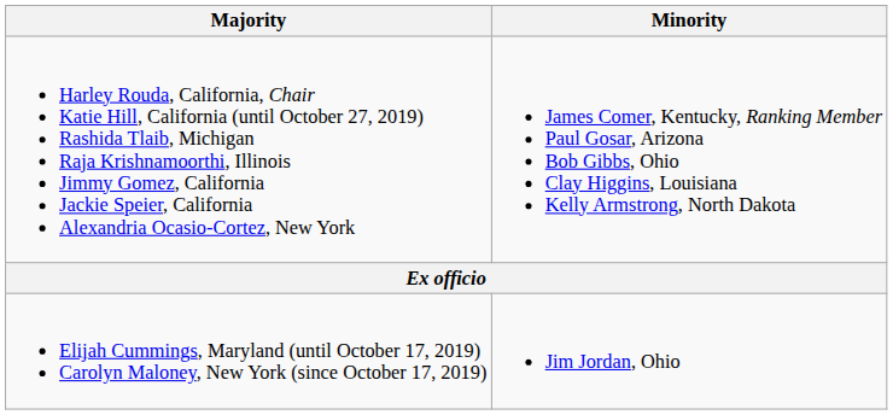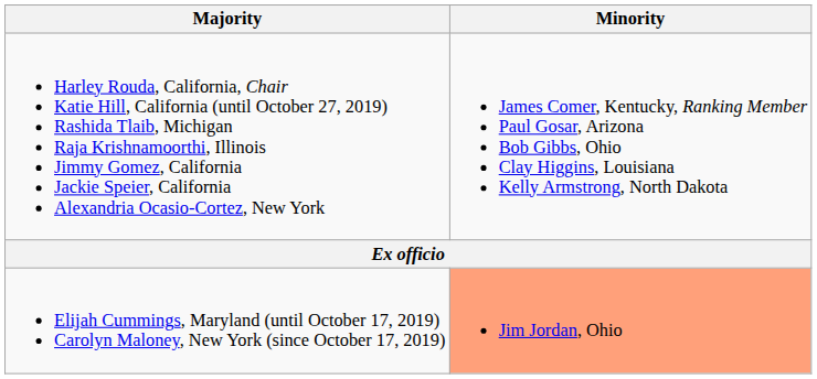 <table class=wikitable>
 <tr>
 <th>Majority</th>
 <th>Minority</th>
 </tr>
 <tr>
 <td><br><ul><li><a href='#'>Harley Rouda</a>, California, <em>Chair</em></li><li><a href='#'>Katie Hill</a>, California (until October 27, 2019)</li><li><a href='#'>Rashida Tlaib</a>, Michigan</li><li><a href='#'>Raja Krishnamoorthi</a>, Illinois</li><li><a href='#'>Jimmy Gomez</a>, California</li><li><a href='#'>Jackie Speier</a>, California</li><li><a href='#'>Alexandria Ocasio-Cortez</a>, New York</li></ul></td>
 <td><br><ul><li><a href='#'>James Comer</a>, Kentucky, <em>Ranking Member</em></li><li><a href='#'>Paul Gosar</a>, Arizona</li><li><a href='#'>Bob Gibbs</a>, Ohio</li><li><a href='#'>Clay Higgins</a>, Louisiana</li><li><a href='#'>Kelly Armstrong</a>, North Dakota</li></ul></td>
 </tr>
 <tr>
 <th colspan=2><em>Ex officio</em></th>
 </tr>
 <tr>
 <td><br><ul><li><a href='#'>Elijah Cummings</a>, Maryland (until October 17, 2019)</li><li><a href='#'>Carolyn Maloney</a>, New York (since October 17, 2019)</li></ul></td>
-<td><br><ul><li><a href='#'>Jim Jordan</a>, Ohio</li></ul></td>
+<td style="background: lightsalmon;"><br><ul><li><a href='#'>Jim Jordan</a>, Ohio</li></ul></td>
 </tr>
 </table>
